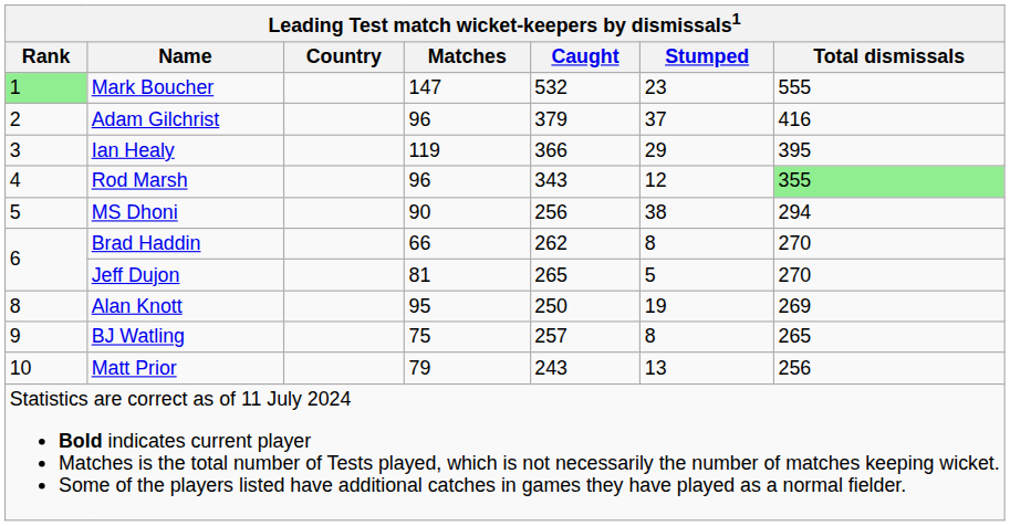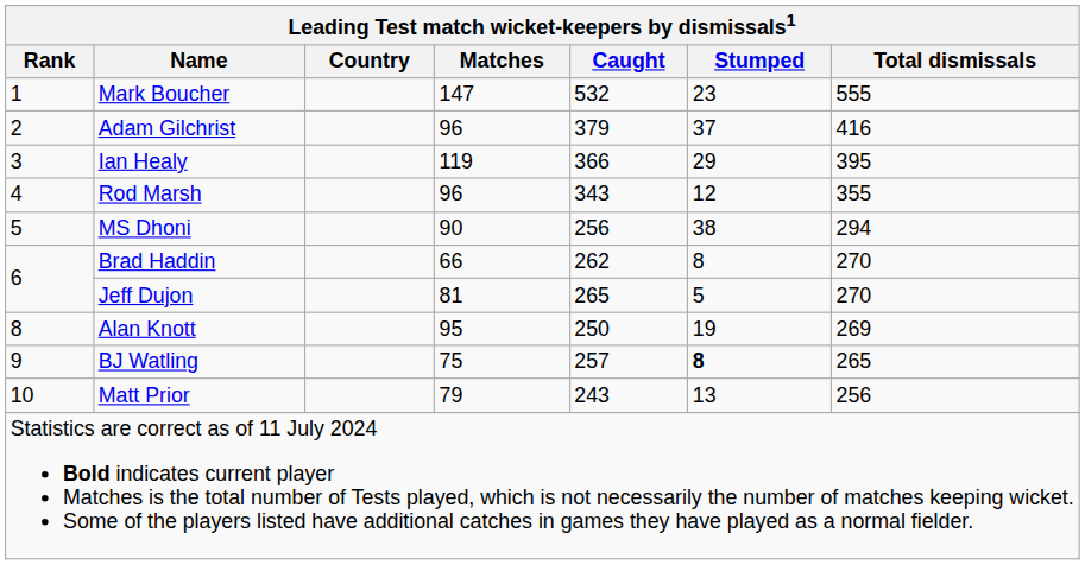 <table class="wikitable">
 <tr>
 <th colspan="7">Leading Test match wicket-keepers by dismissals<sup>1</sup></th>
 </tr>
 <tr>
 <th>Rank</th>
 <th>Name</th>
 <th>Country</th>
 <th>Matches</th>
 <th><a href='#'>Caught</a></th>
 <th><a href='#'>Stumped</a></th>
 <th>Total dismissals</th>
 </tr>
 <tr>
-<td style="background: lightgreen;">1</td>
+<td>1</td>
 <td><a href='#'>Mark Boucher</a></td>
 <td></td>
 <td>147</td>
 <td>532</td>
 <td>23</td>
 <td>555</td>
 </tr>
 <tr>
 <td>2</td>
 <td><a href='#'>Adam Gilchrist</a></td>
 <td></td>
 <td>96</td>
 <td>379</td>
 <td>37</td>
 <td>416</td>
 </tr>
 <tr>
 <td>3</td>
 <td><a href='#'>Ian Healy</a></td>
 <td></td>
 <td>119</td>
 <td>366</td>
 <td>29</td>
 <td>395</td>
 </tr>
 <tr>
 <td>4</td>
 <td><a href='#'>Rod Marsh</a></td>
 <td></td>
 <td>96</td>
 <td>343</td>
 <td>12</td>
-<td style="background: lightgreen;">355</td>
+<td>355</td>
 </tr>
 <tr>
 <td>5</td>
 <td><a href='#'>MS Dhoni</a></td>
 <td></td>
 <td>90</td>
 <td>256</td>
 <td>38</td>
 <td>294</td>
 </tr>
 <tr>
 <td rowspan=2>6</td>
 <td><a href='#'>Brad Haddin</a></td>
 <td></td>
 <td>66</td>
 <td>262</td>
 <td>8</td>
 <td>270</td>
 </tr>
 <tr>
 <td><a href='#'>Jeff Dujon</a></td>
 <td></td>
 <td>81</td>
 <td>265</td>
 <td>5</td>
 <td>270</td>
 </tr>
 <tr>
 <td>8</td>
 <td><a href='#'>Alan Knott</a></td>
 <td></td>
 <td>95</td>
 <td>250</td>
 <td>19</td>
 <td>269</td>
 </tr>
 <tr>
 <td>9</td>
 <td><a href='#'>BJ Watling</a></td>
 <td></td>
 <td>75</td>
 <td>257</td>
-<td>8</td>
+<td><strong>8</strong></td>
 <td>265</td>
 </tr>
 <tr>
 <td>10</td>
 <td><a href='#'>Matt Prior</a></td>
 <td></td>
 <td>79</td>
 <td>243</td>
 <td>13</td>
 <td>256</td>
 </tr>
 <tr>
 <td colspan=7>Statistics are correct as of 11 July 2024<br><ul><li><strong>Bold</strong> indicates current player</li><li>Matches is the total number of Tests played, which is not necessarily the number of matches keeping wicket.</li><li>Some of the players listed have additional catches in games they have played as a normal fielder.</li></ul></td>
 </tr>
 </table>
